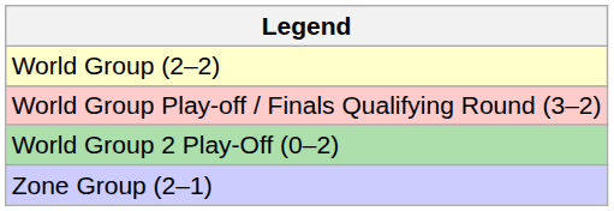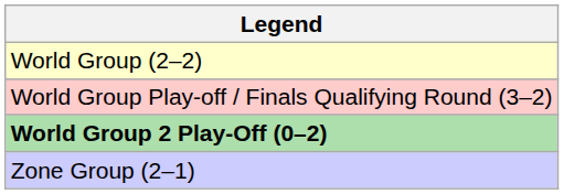 <table class=wikitable style=font-size:90%>
 <tr>
 <th>Legend</th>
 </tr>
 <tr>
 <td bgcolor=ffffcc>World Group (2–2)</td>
 </tr>
 <tr>
 <td bgcolor=ffcccc>World Group Play-off / Finals Qualifying Round (3–2)</td>
 </tr>
 <tr>
-<td bgcolor=addfad>World Group 2 Play-Off (0–2)</td>
+<td bgcolor=addfad><strong>World Group 2 Play-Off (0–2)</strong></td>
 </tr>
 <tr>
 <td bgcolor=#ccf>Zone Group (2–1)</td>
 </tr>
 </table>
